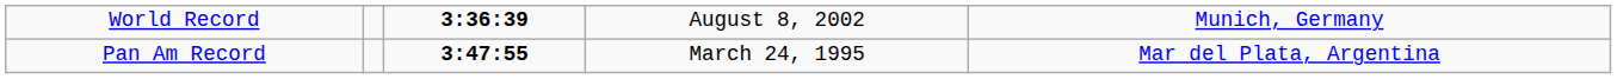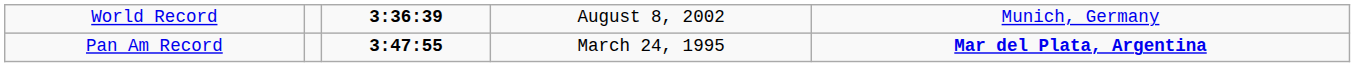 <table class="wikitable" style=" text-align:center; font-size:95%;" width="75%">
 <tr>
 <td><a href='#'>World Record</a></td>
 <td></td>
 <td><strong>3:36:39</strong></td>
 <td>August 8, 2002</td>
 <td> <a href='#'>Munich, Germany</a></td>
 </tr>
 <tr>
 <td><a href='#'>Pan Am Record</a></td>
 <td></td>
 <td><strong>3:47:55</strong></td>
 <td>March 24, 1995</td>
-<td> <a href='#'>Mar del Plata, Argentina</a></td>
+<td><strong> <a href='#'>Mar del Plata, Argentina</a></strong></td>
 </tr>
 </table>
